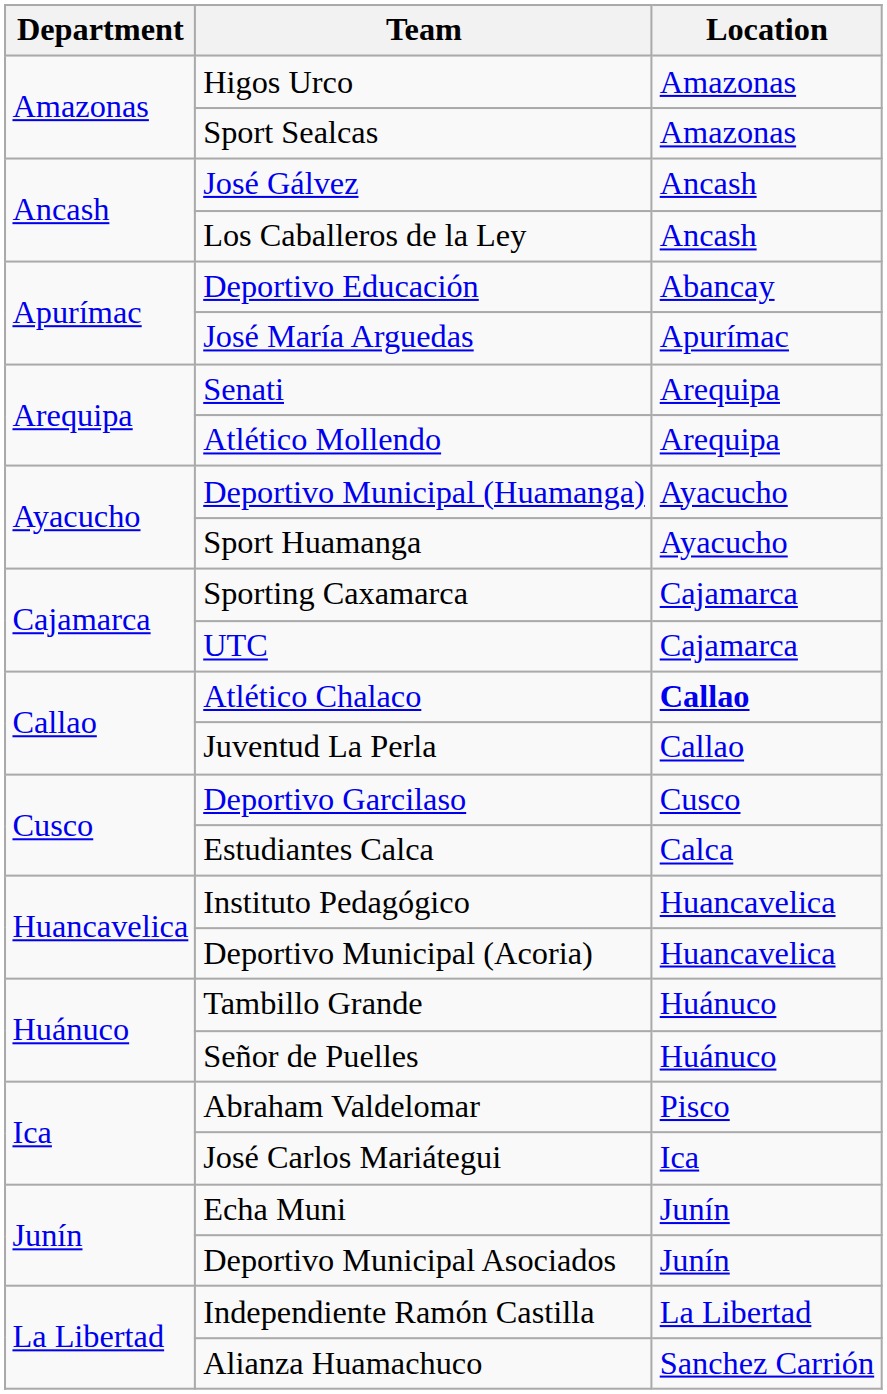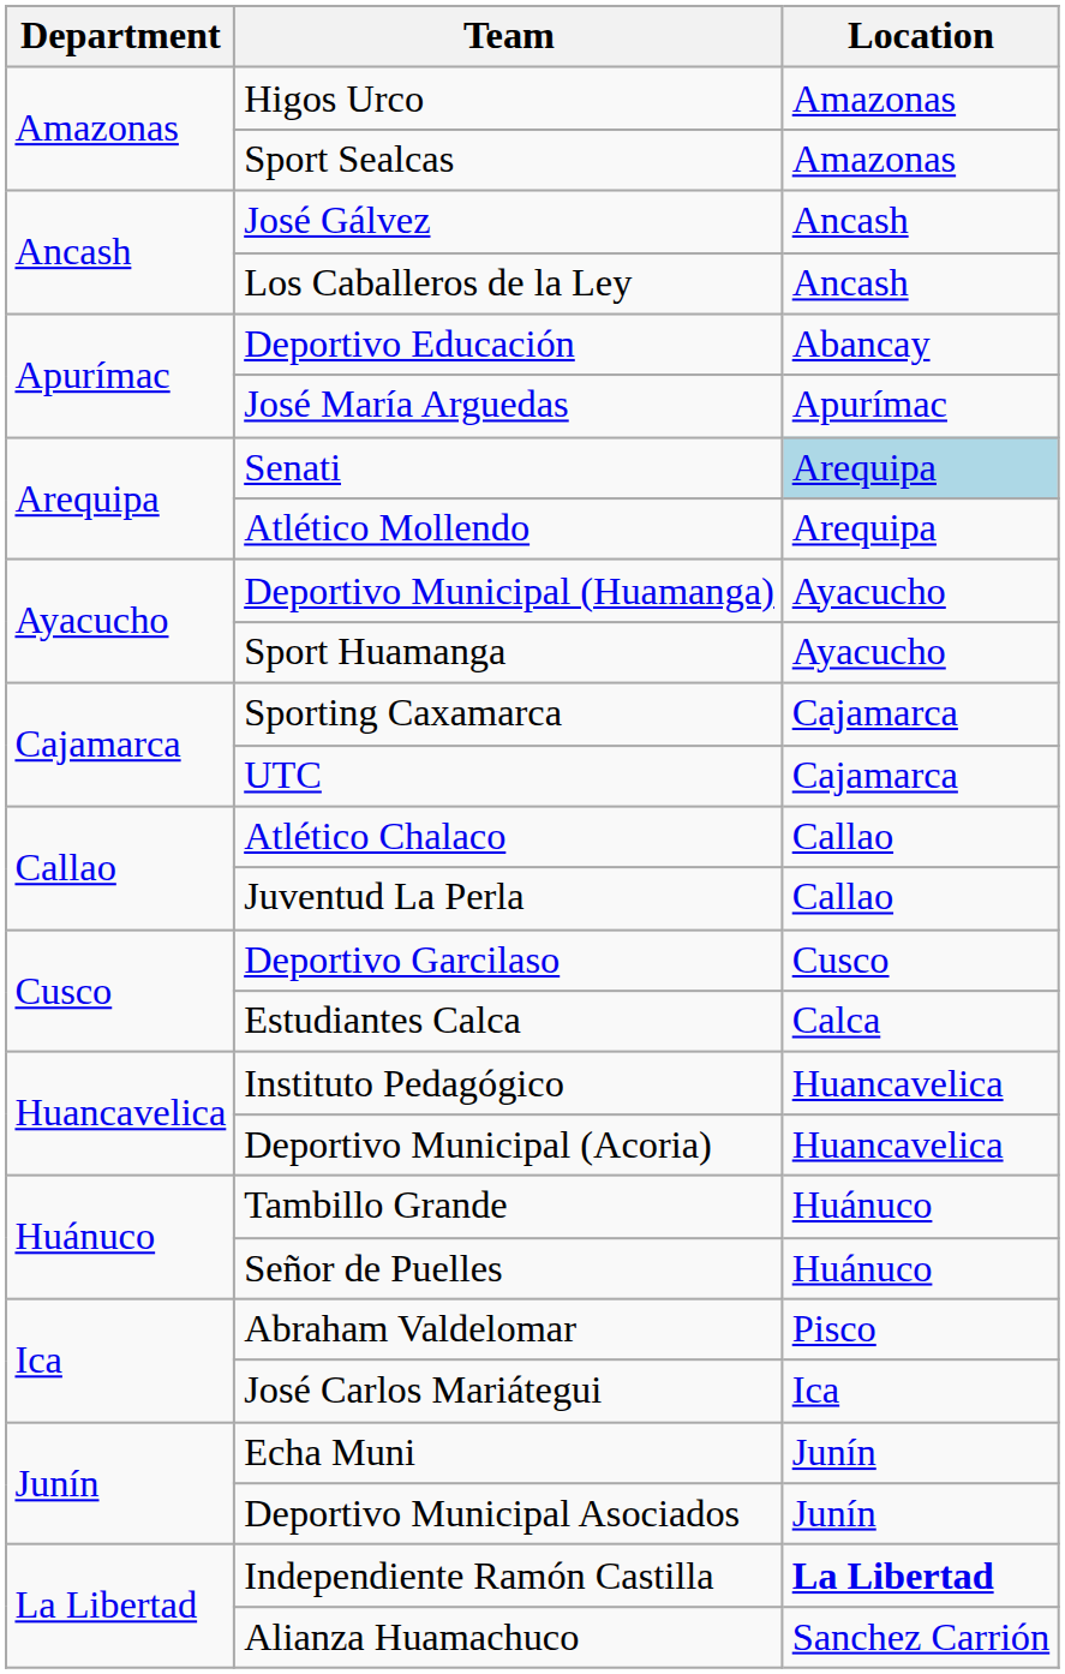 <table class="wikitable">
 <tr>
 <th>Department</th>
 <th>Team</th>
 <th>Location</th>
 </tr>
 <tr>
 <td rowspan="2"><a href='#'>Amazonas</a></td>
 <td>Higos Urco</td>
 <td><a href='#'>Amazonas</a></td>
 </tr>
 <tr>
 <td>Sport Sealcas</td>
 <td><a href='#'>Amazonas</a></td>
 </tr>
 <tr>
 <td rowspan="2"><a href='#'>Ancash</a></td>
 <td><a href='#'>José Gálvez</a></td>
 <td><a href='#'>Ancash</a></td>
 </tr>
 <tr>
 <td>Los Caballeros de la Ley</td>
 <td><a href='#'>Ancash</a></td>
 </tr>
 <tr>
 <td rowspan="2"><a href='#'>Apurímac</a></td>
 <td><a href='#'>Deportivo Educación</a></td>
 <td><a href='#'>Abancay</a></td>
 </tr>
 <tr>
 <td><a href='#'>José María Arguedas</a></td>
 <td><a href='#'>Apurímac</a></td>
 </tr>
 <tr>
 <td rowspan="2"><a href='#'>Arequipa</a></td>
 <td><a href='#'>Senati</a></td>
-<td><a href='#'>Arequipa</a></td>
+<td style="background: lightblue;"><a href='#'>Arequipa</a></td>
 </tr>
 <tr>
 <td><a href='#'>Atlético Mollendo</a></td>
 <td><a href='#'>Arequipa</a></td>
 </tr>
 <tr>
 <td rowspan="2"><a href='#'>Ayacucho</a></td>
 <td><a href='#'>Deportivo Municipal (Huamanga)</a></td>
 <td><a href='#'>Ayacucho</a></td>
 </tr>
 <tr>
 <td>Sport Huamanga</td>
 <td><a href='#'>Ayacucho</a></td>
 </tr>
 <tr>
 <td rowspan="2"><a href='#'>Cajamarca</a></td>
 <td>Sporting Caxamarca</td>
 <td><a href='#'>Cajamarca</a></td>
 </tr>
 <tr>
 <td><a href='#'>UTC</a></td>
 <td><a href='#'>Cajamarca</a></td>
 </tr>
 <tr>
 <td rowspan="2"><a href='#'>Callao</a></td>
 <td><a href='#'>Atlético Chalaco</a></td>
-<td><strong><a href='#'>Callao</a></strong></td>
+<td><a href='#'>Callao</a></td>
 </tr>
 <tr>
 <td>Juventud La Perla</td>
 <td><a href='#'>Callao</a></td>
 </tr>
 <tr>
 <td rowspan="2"><a href='#'>Cusco</a></td>
 <td><a href='#'>Deportivo Garcilaso</a></td>
 <td><a href='#'>Cusco</a></td>
 </tr>
 <tr>
 <td>Estudiantes Calca</td>
 <td><a href='#'>Calca</a></td>
 </tr>
 <tr>
 <td rowspan="2"><a href='#'>Huancavelica</a></td>
 <td>Instituto Pedagógico</td>
 <td><a href='#'>Huancavelica</a></td>
 </tr>
 <tr>
 <td>Deportivo Municipal (Acoria)</td>
 <td><a href='#'>Huancavelica</a></td>
 </tr>
 <tr>
 <td rowspan="2"><a href='#'>Huánuco</a></td>
 <td>Tambillo Grande</td>
 <td><a href='#'>Huánuco</a></td>
 </tr>
 <tr>
 <td>Señor de Puelles</td>
 <td><a href='#'>Huánuco</a></td>
 </tr>
 <tr>
 <td rowspan="2"><a href='#'>Ica</a></td>
 <td>Abraham Valdelomar</td>
 <td><a href='#'>Pisco</a></td>
 </tr>
 <tr>
 <td>José Carlos Mariátegui</td>
 <td><a href='#'>Ica</a></td>
 </tr>
 <tr>
 <td rowspan="2"><a href='#'>Junín</a></td>
 <td>Echa Muni</td>
 <td><a href='#'>Junín</a></td>
 </tr>
 <tr>
 <td>Deportivo Municipal Asociados</td>
 <td><a href='#'>Junín</a></td>
 </tr>
 <tr>
 <td rowspan="2"><a href='#'>La Libertad</a></td>
 <td>Independiente Ramón Castilla</td>
-<td><a href='#'>La Libertad</a></td>
+<td><strong><a href='#'>La Libertad</a></strong></td>
 </tr>
 <tr>
 <td>Alianza Huamachuco</td>
 <td><a href='#'>Sanchez Carrión</a></td>
 </tr>
 </table>
